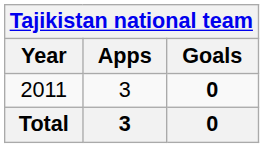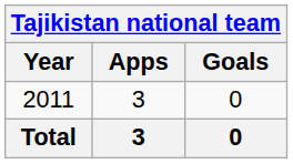 <table class="wikitable" style="text-align:center">
 <tr>
 <th colspan=3><a href='#'>Tajikistan national team</a></th>
 </tr>
 <tr>
 <th>Year</th>
 <th>Apps</th>
 <th>Goals</th>
 </tr>
 <tr>
 <td>2011</td>
 <td>3</td>
-<td><strong>0</strong></td>
+<td>0</td>
 </tr>
 <tr>
 <th>Total</th>
 <th>3</th>
 <th>0</th>
 </tr>
 </table>
